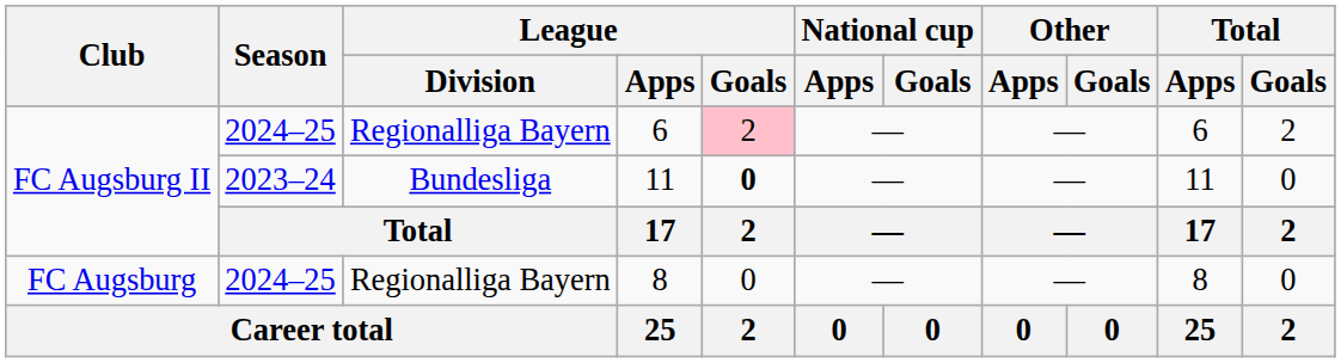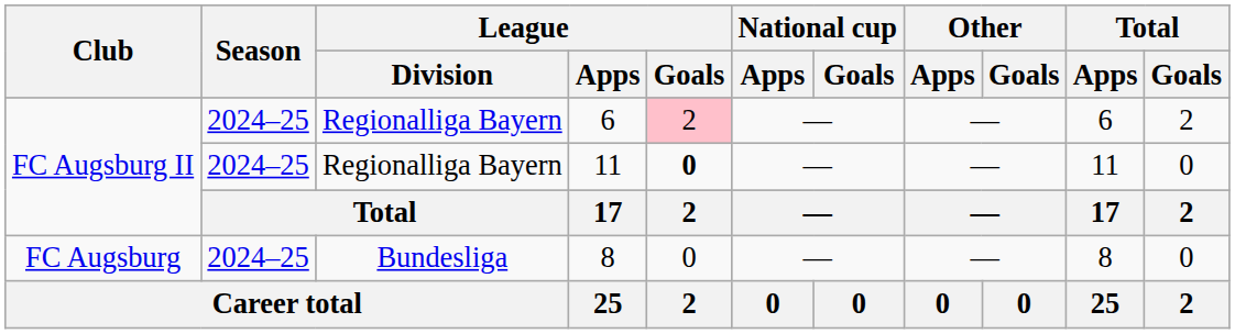 <table class="wikitable" style="text-align:center">
 <tr>
 <th rowspan="2">Club</th>
 <th rowspan="2">Season</th>
 <th colspan="3">League</th>
 <th colspan="2">National cup</th>
 <th colspan="2">Other</th>
 <th colspan="2">Total</th>
 </tr>
 <tr>
 <th>Division</th>
 <th>Apps</th>
 <th>Goals</th>
 <th>Apps</th>
 <th>Goals</th>
 <th>Apps</th>
 <th>Goals</th>
 <th>Apps</th>
 <th>Goals</th>
 </tr>
 <tr>
 <td rowspan="3"><a href='#'>FC Augsburg II</a></td>
 <td><a href='#'>2024–25</a></td>
 <td><a href='#'>Regionalliga Bayern</a></td>
 <td>6</td>
 <td style="background: pink;">2</td>
 <td colspan="2">—</td>
 <td colspan="2">—</td>
 <td>6</td>
 <td>2</td>
 </tr>
 <tr>
-<td><a href='#'>2023–24</a></td>
-<td><a href='#'>Bundesliga</a></td>
+<td><a href='#'>2024–25</a></td>
+<td>Regionalliga Bayern</td>
 <td>11</td>
 <td><strong>0</strong></td>
 <td colspan="2">—</td>
 <td colspan="2">—</td>
 <td>11</td>
 <td>0</td>
 </tr>
 <tr>
 <th colspan="2">Total</th>
 <th>17</th>
 <th>2</th>
 <th colspan="2">—</th>
 <th colspan="2">—</th>
 <th>17</th>
 <th>2</th>
 </tr>
 <tr>
 <td><a href='#'>FC Augsburg</a></td>
 <td><a href='#'>2024–25</a></td>
-<td>Regionalliga Bayern</td>
+<td><a href='#'>Bundesliga</a></td>
 <td>8</td>
 <td>0</td>
 <td colspan="2">—</td>
 <td colspan="2">—</td>
 <td>8</td>
 <td>0</td>
 </tr>
 <tr>
 <th colspan="3">Career total</th>
 <th>25</th>
 <th>2</th>
 <th>0</th>
 <th>0</th>
 <th>0</th>
 <th>0</th>
 <th>25</th>
 <th>2</th>
 </tr>
 </table>
